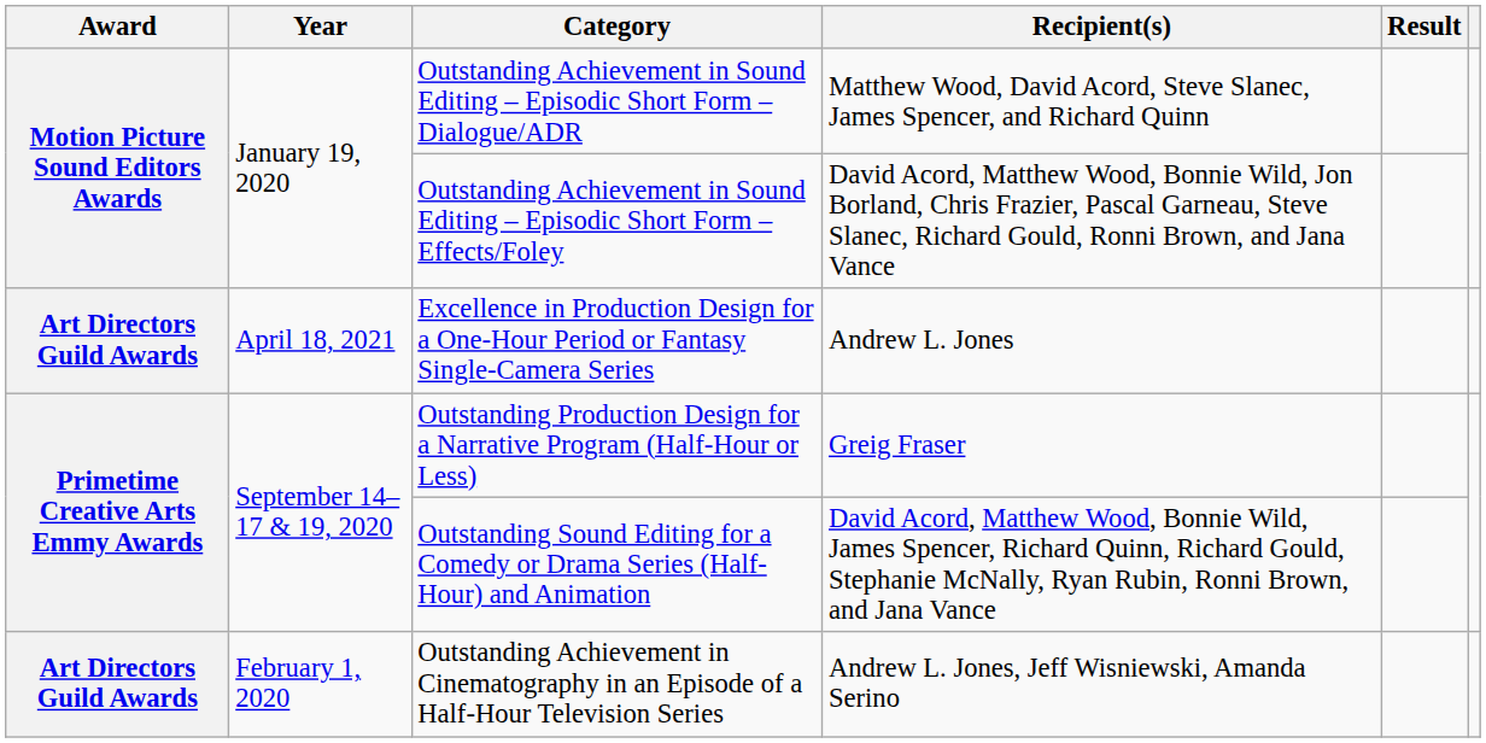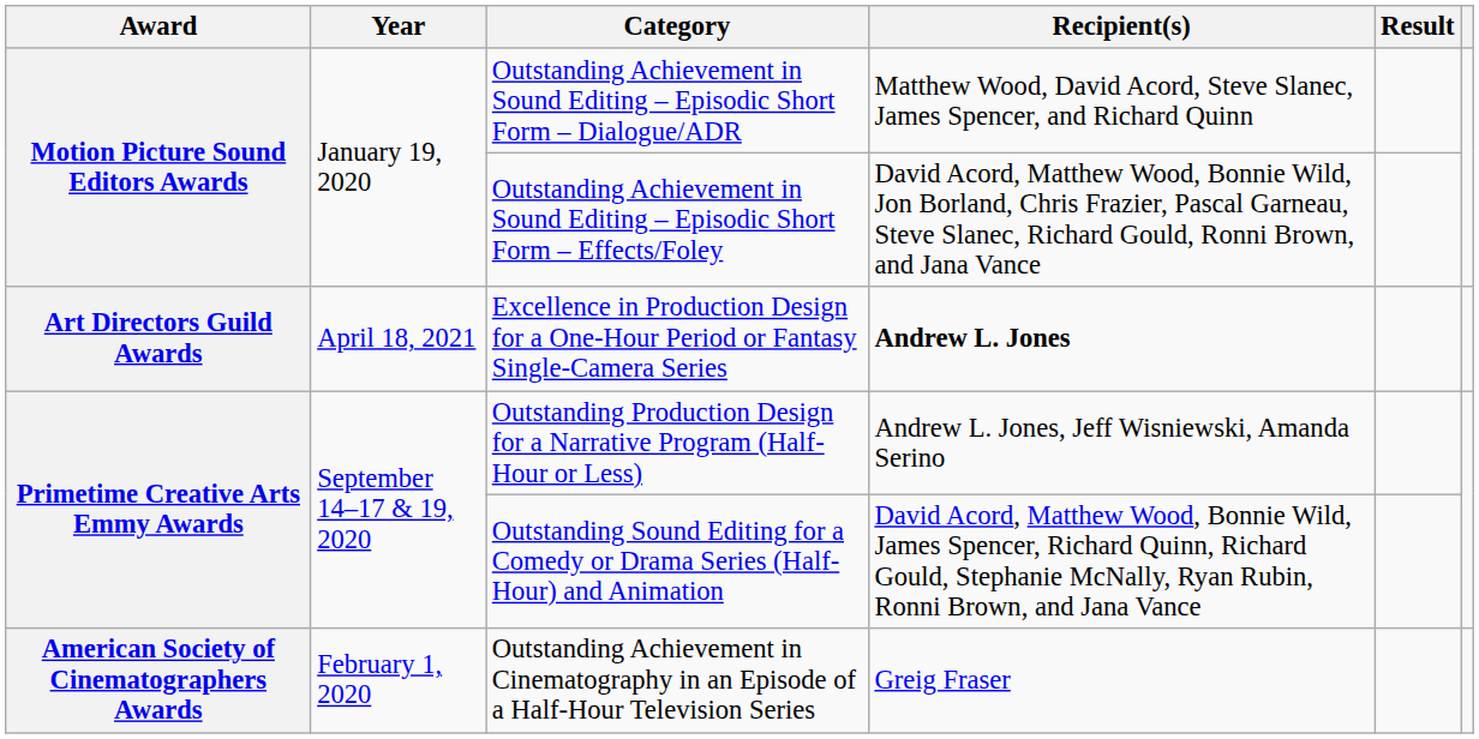 <table class="wikitable plainrowheaders sortable">
 <tr>
 <th scope="col">Award</th>
 <th scope="col">Year</th>
 <th scope="col">Category</th>
 <th scope="col">Recipient(s)</th>
 <th scope="col">Result</th>
 <th scope="col" class="unsortable"></th>
 </tr>
 <tr>
 <th scope="row" rowspan="2" style="text-align:center;"><a href='#'>Motion Picture Sound Editors Awards</a></th>
 <td rowspan="2">January 19, 2020</td>
 <td><a href='#'>Outstanding Achievement in Sound Editing – Episodic Short Form – Dialogue/ADR</a></td>
 <td data-sort-value="Wood, Matthew">Matthew Wood, David Acord, Steve Slanec, James Spencer, and Richard Quinn</td>
 <td></td>
 <td rowspan="2" style="text-align:center;"></td>
 </tr>
 <tr>
 <td><a href='#'>Outstanding Achievement in Sound Editing – Episodic Short Form – Effects/Foley</a></td>
 <td data-sort-value="Acord, David">David Acord, Matthew Wood, Bonnie Wild, Jon Borland, Chris Frazier, Pascal Garneau, Steve Slanec, Richard Gould, Ronni Brown, and Jana Vance</td>
 <td></td>
 </tr>
 <tr>
 <th scope="row" style="text-align:center;"><a href='#'>Art Directors Guild Awards</a></th>
 <td><a href='#'>April 18, 2021</a></td>
 <td><a href='#'>Excellence in Production Design for a One-Hour Period or Fantasy Single-Camera Series</a></td>
-<td data-sort-value="Jones, Andrew L.">Andrew L. Jones</td>
+<td data-sort-value="Jones, Andrew L."><strong>Andrew L. Jones</strong></td>
 <td></td>
 <td style="text-align:center;"></td>
 </tr>
 <tr>
 <th scope="row" rowspan="2" style="text-align:center;"><a href='#'>Primetime Creative Arts Emmy Awards</a></th>
 <td rowspan="2"><a href='#'>September 14–17 & 19, 2020</a></td>
 <td><a href='#'>Outstanding Production Design for a Narrative Program (Half-Hour or Less)</a></td>
-<td><a href='#'>Greig Fraser</a></td>
+<td data-sort-value="Jones, Andrew L.">Andrew L. Jones, Jeff Wisniewski, Amanda Serino</td>
 <td></td>
 <td rowspan="2" style="text-align:center;"></td>
 </tr>
 <tr>
 <td><a href='#'>Outstanding Sound Editing for a Comedy or Drama Series (Half-Hour) and Animation</a></td>
 <td data-sort-value="Acord, David"><a href='#'>David Acord</a>, <a href='#'>Matthew Wood</a>, Bonnie Wild, James Spencer, Richard Quinn, Richard Gould, Stephanie McNally, Ryan Rubin, Ronni Brown, and Jana Vance</td>
 <td></td>
 </tr>
 <tr>
-<th scope="row" style="text-align:center;"><a href='#'>Art Directors Guild Awards</a></th>
+<th scope="row" style="text-align:center;"><a href='#'>American Society of Cinematographers Awards</a></th>
 <td><a href='#'>February 1, 2020</a></td>
 <td>Outstanding Achievement in Cinematography in an Episode of a Half-Hour Television Series</td>
-<td data-sort-value="Jones, Andrew L.">Andrew L. Jones, Jeff Wisniewski, Amanda Serino</td>
+<td><a href='#'>Greig Fraser</a></td>
 <td></td>
 <td style="text-align:center;"></td>
 </tr>
 </table>
